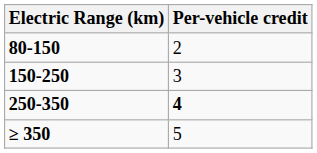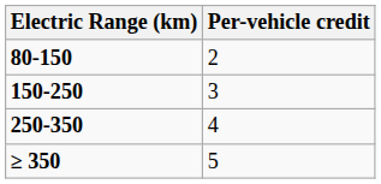 <table class="wikitable">
 <tr>
 <th>Electric Range (km)</th>
 <th>Per-vehicle credit</th>
 </tr>
 <tr>
 <td><strong>80-150</strong></td>
 <td>2</td>
 </tr>
 <tr>
 <td><strong>150-250</strong></td>
 <td>3</td>
 </tr>
 <tr>
 <td><strong>250-350</strong></td>
-<td><strong>4</strong></td>
+<td>4</td>
 </tr>
 <tr>
 <td><strong>≥ 350</strong></td>
 <td>5</td>
 </tr>
 </table>
